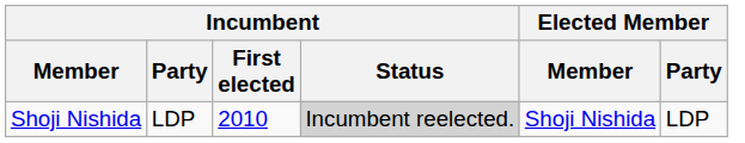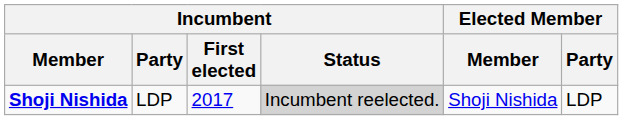 <table class="wikitable sortable">
 <tr>
 <th colspan=4>Incumbent</th>
 <th colspan=2>Elected Member</th>
 </tr>
 <tr>
 <th>Member</th>
 <th>Party</th>
 <th>First<br>elected</th>
 <th>Status</th>
 <th>Member</th>
 <th>Party</th>
 </tr>
 <tr>
-<td><a href='#'>Shoji Nishida</a></td>
+<td><strong><a href='#'>Shoji Nishida</a></strong></td>
 <td>LDP</td>
-<td><a href='#'>2010</a></td>
+<td><a href='#'>2017</a></td>
 <td style="background: lightgrey;">Incumbent reelected.</td>
 <td><a href='#'>Shoji Nishida</a></td>
 <td>LDP</td>
 </tr>
 </table>
